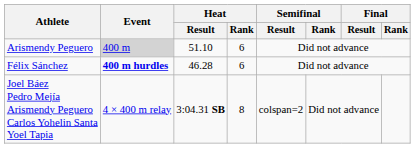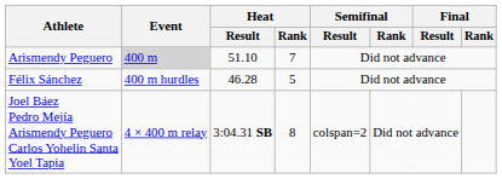 <table class=wikitable style="font-size:90%">
 <tr>
 <th rowspan="2">Athlete</th>
 <th rowspan="2">Event</th>
 <th colspan="2">Heat</th>
 <th colspan="2">Semifinal</th>
 <th colspan="2">Final</th>
 </tr>
 <tr style="font-size:95%">
 <th>Result</th>
 <th>Rank</th>
 <th>Result</th>
 <th>Rank</th>
 <th>Result</th>
 <th>Rank</th>
 </tr>
 <tr align=center>
 <td align=left><a href='#'>Arismendy Peguero</a></td>
 <td align=left style="background: lightgrey;"><a href='#'>400 m</a></td>
 <td>51.10</td>
-<td>6</td>
+<td>7</td>
 <td colspan=4>Did not advance</td>
 </tr>
 <tr align=center>
 <td align=left><a href='#'>Félix Sánchez</a></td>
-<td align=left><strong><a href='#'>400 m hurdles</a></strong></td>
+<td align=left><a href='#'>400 m hurdles</a></td>
 <td>46.28</td>
-<td>6</td>
+<td>5</td>
 <td colspan=4>Did not advance</td>
 </tr>
 <tr align=center>
 <td align=left><a href='#'>Joel Báez</a><br><a href='#'>Pedro Mejía</a><br><a href='#'>Arismendy Peguero</a><br><a href='#'>Carlos Yohelin Santa</a><br><a href='#'>Yoel Tapia</a></td>
 <td align=left><a href='#'>4 × 400 m relay</a></td>
 <td>3:04.31 <strong>SB</strong></td>
 <td>8</td>
 <td>colspan=2 </td>
 <td colspan=2>Did not advance</td>
 </tr>
 </table>
